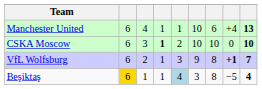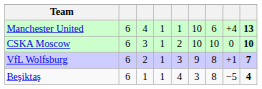 <table class="wikitable" style="text-align: center;">
 <tr>
 </tr>
 <tr>
 <th width="175">Team</th>
 <th width="20"></th>
 <th width="20"></th>
 <th width="20"></th>
 <th width="20"></th>
 <th width="20"></th>
 <th width="20"></th>
 <th width="20"></th>
 <th width="20"></th>
 </tr>
 <tr style="background:#ccffcc;">
 <td align=left> <a href='#'>Manchester United</a></td>
 <td>6</td>
 <td>4</td>
 <td>1</td>
 <td>1</td>
 <td>10</td>
 <td>6</td>
 <td>+4</td>
 <td><strong>13</strong></td>
 </tr>
 <tr style="background:#ccffcc;">
 <td align=left> <a href='#'>CSKA Moscow</a></td>
 <td>6</td>
 <td>3</td>
-<td><strong>1</strong></td>
+<td>1</td>
 <td>2</td>
 <td>10</td>
 <td>10</td>
 <td>0</td>
 <td><strong>10</strong></td>
 </tr>
 <tr style="background:#ccccff;">
 <td align=left> <a href='#'>VfL Wolfsburg</a></td>
 <td>6</td>
 <td>2</td>
 <td>1</td>
 <td>3</td>
 <td>9</td>
 <td>8</td>
-<td><strong>+1</strong></td>
+<td>+1</td>
 <td><strong>7</strong></td>
 </tr>
 <tr>
 <td align=left> <a href='#'>Beşiktaş</a></td>
-<td style="background: gold;">6</td>
+<td>6</td>
 <td>1</td>
 <td>1</td>
-<td style="background: lightblue;">4</td>
+<td>4</td>
 <td>3</td>
 <td>8</td>
 <td>−5</td>
 <td><strong>4</strong></td>
 </tr>
 </table>
